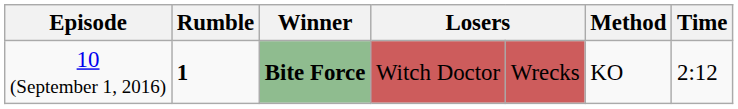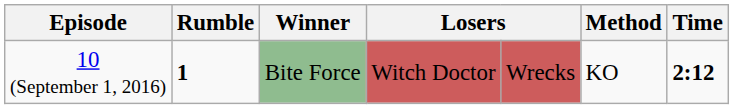 <table class="wikitable">
 <tr>
 <th>Episode</th>
 <th>Rumble</th>
 <th>Winner</th>
 <th colspan="2">Losers</th>
 <th>Method</th>
 <th>Time</th>
 </tr>
 <tr>
 <td style="text-align:center;" rowspan="1"><a href='#'>10</a><br><small>(September 1, 2016)</small></td>
 <td><strong> 1</strong></td>
-<td style="background:DarkSeaGreen;"><strong>Bite Force</strong></td>
+<td style="background:DarkSeaGreen;">Bite Force</td>
 <td style="background:IndianRed;">Witch Doctor</td>
 <td style="background:IndianRed;">Wrecks</td>
 <td>KO</td>
-<td>2:12</td>
+<td><strong>2:12</strong></td>
 </tr>
 </table>
